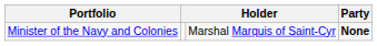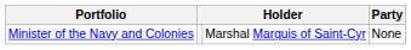 <table class="wikitable">
 <tr>
 <th>Portfolio</th>
 <th colspan=2>Holder</th>
 <th>Party</th>
 </tr>
 <tr>
 <td><a href='#'>Minister of the Navy and Colonies</a></td>
 <td style="background:"></td>
 <td>Marshal <a href='#'>Marquis of Saint-Cyr</a></td>
-<td><strong>None</strong></td>
+<td>None</td>
 </tr>
 </table>
